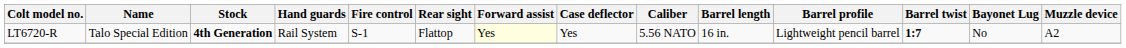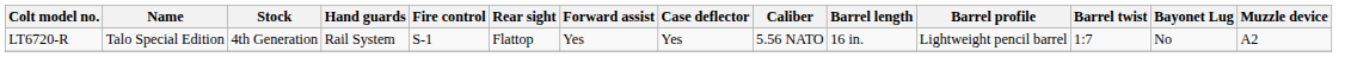 <table class="wikitable">
 <tr>
 <th>Colt model no.</th>
 <th>Name</th>
 <th>Stock</th>
 <th>Hand guards</th>
 <th>Fire control</th>
 <th>Rear sight</th>
 <th>Forward assist</th>
 <th>Case deflector</th>
 <th>Caliber</th>
 <th>Barrel length</th>
 <th>Barrel profile</th>
 <th>Barrel twist</th>
 <th>Bayonet Lug</th>
 <th>Muzzle device</th>
 </tr>
 <tr>
 <td>LT6720-R</td>
 <td>Talo Special Edition</td>
-<td><strong>4th Generation</strong></td>
+<td>4th Generation</td>
 <td>Rail System</td>
 <td>S-1</td>
 <td>Flattop</td>
-<td style="background: lightyellow;">Yes</td>
+<td>Yes</td>
 <td>Yes</td>
 <td>5.56 NATO</td>
 <td>16 in.</td>
 <td>Lightweight pencil barrel</td>
-<td><strong>1:7</strong></td>
+<td>1:7</td>
 <td>No</td>
 <td>A2</td>
 </tr>
 <tr>
 </tr>
 </table>
